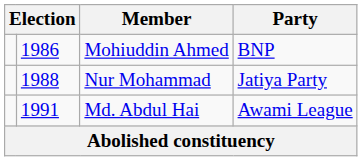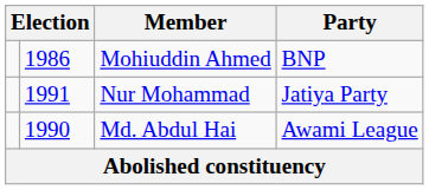 <table class="wikitable">
 <tr>
 <th colspan="2">Election</th>
 <th>Member</th>
 <th>Party</th>
 </tr>
 <tr>
 <td style="background-color:"></td>
 <td><a href='#'>1986</a></td>
 <td><a href='#'>Mohiuddin Ahmed</a></td>
 <td><a href='#'>BNP</a></td>
 </tr>
 <tr>
 <td style="background-color:"></td>
-<td><a href='#'>1988</a></td>
+<td><a href='#'>1991</a></td>
 <td><a href='#'>Nur Mohammad</a></td>
 <td><a href='#'>Jatiya Party</a></td>
 </tr>
 <tr>
 <td style="background-color:"></td>
-<td><a href='#'>1991</a></td>
+<td><a href='#'>1990</a></td>
 <td><a href='#'>Md. Abdul Hai</a></td>
 <td><a href='#'>Awami League</a></td>
 </tr>
 <tr>
 <th colspan="4">Abolished constituency</th>
 </tr>
 </table>
